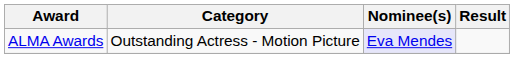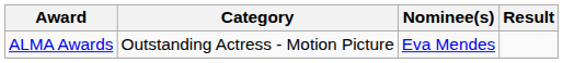 <table class="wikitable plainrowheaders">
 <tr>
 <th>Award</th>
 <th>Category</th>
 <th>Nominee(s)</th>
 <th>Result</th>
 </tr>
 <tr>
 <td><a href='#'>ALMA Awards</a></td>
 <td>Outstanding Actress - Motion Picture</td>
-<td style="background: lavender;"><a href='#'>Eva Mendes</a></td>
+<td><a href='#'>Eva Mendes</a></td>
 <td></td>
 </tr>
 <tr>
 </tr>
 </table>
